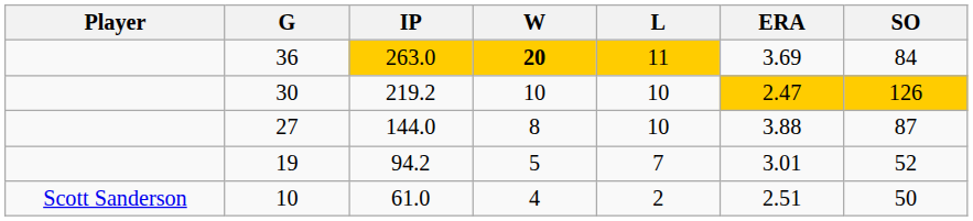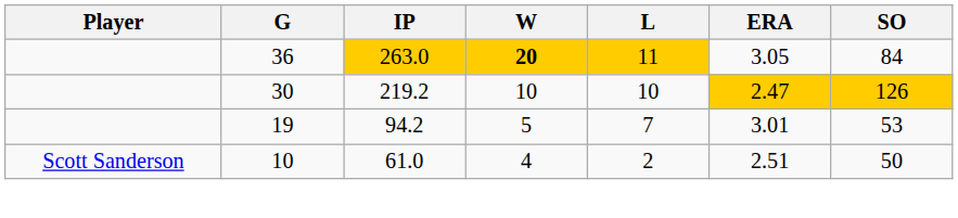 <table class="wikitable sortable">
 <tr>
 <th bgcolor="#DDDDFF" width="16%">Player</th>
 <th bgcolor="#DDDDFF" width="9%">G</th>
 <th bgcolor="#DDDDFF" width="9%">IP</th>
 <th bgcolor="#DDDDFF" width="9%">W</th>
 <th bgcolor="#DDDDFF" width="9%">L</th>
 <th bgcolor="#DDDDFF" width="9%">ERA</th>
 <th bgcolor="#DDDDFF" width="9%">SO</th>
 </tr>
 <tr align="center">
 <td></td>
 <td>36</td>
 <td style="background:#fc0;">263.0</td>
 <td style="background:#fc0;"><strong>20</strong></td>
 <td style="background:#fc0;">11</td>
-<td>3.69</td>
+<td>3.05</td>
 <td>84</td>
 </tr>
 <tr align="center">
 <td></td>
 <td>30</td>
 <td>219.2</td>
 <td>10</td>
 <td>10</td>
 <td style="background:#fc0;">2.47</td>
 <td style="background:#fc0;">126</td>
 </tr>
 <tr align="center">
 <td></td>
-<td>27</td>
-<td>144.0</td>
-<td>8</td>
-<td>10</td>
-<td>3.88</td>
-<td>87</td>
-</tr>
-<tr align="center">
-<td></td>
 <td>19</td>
 <td>94.2</td>
 <td>5</td>
 <td>7</td>
 <td>3.01</td>
-<td>52</td>
+<td>53</td>
 </tr>
 <tr align="center">
 <td><a href='#'>Scott Sanderson</a></td>
 <td>10</td>
 <td>61.0</td>
 <td>4</td>
 <td>2</td>
 <td>2.51</td>
 <td>50</td>
 </tr>
 </table>
